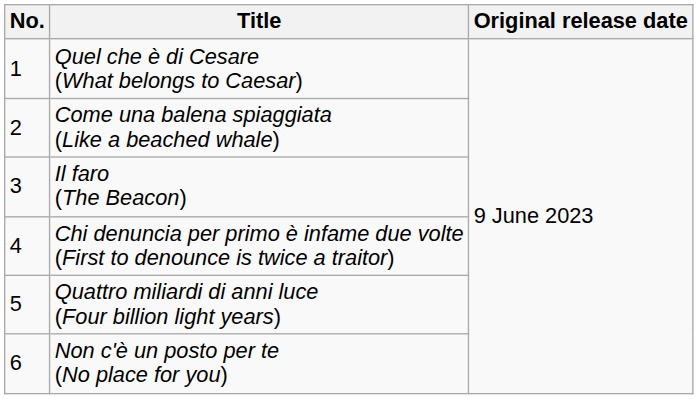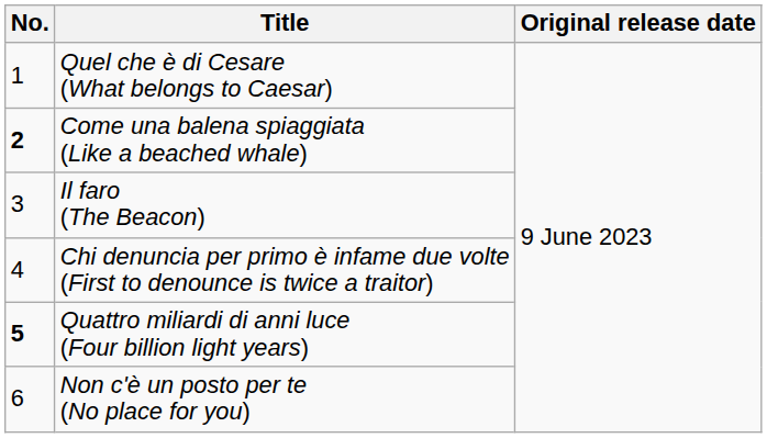 <table class="wikitable">
 <tr>
 <th>No.</th>
 <th>Title</th>
 <th>Original release date</th>
 </tr>
 <tr>
 <td>1</td>
 <td><em>Quel che è di Cesare</em><br>(<em>What belongs to Caesar</em>)</td>
 <td rowspan="6">9 June 2023</td>
 </tr>
 <tr>
-<td>2</td>
+<td><strong>2</strong></td>
 <td><em>Come una balena spiaggiata</em><br>(<em>Like a beached whale</em>)</td>
 </tr>
 <tr>
 <td>3</td>
 <td><em>Il faro</em><br>(<em>The Beacon</em>)</td>
 </tr>
 <tr>
 <td>4</td>
 <td><em>Chi denuncia per primo è infame due volte</em><br>(<em>First to denounce is twice a traitor</em>)</td>
 </tr>
 <tr>
-<td>5</td>
+<td><strong>5</strong></td>
 <td><em>Quattro miliardi di anni luce</em><br>(<em>Four billion light years</em>)</td>
 </tr>
 <tr>
 <td>6</td>
 <td><em>Non c'è un posto per te</em><br>(<em>No place for you</em>)</td>
 </tr>
 </table>
